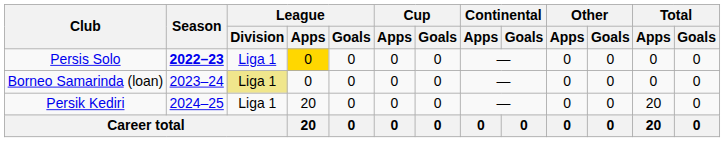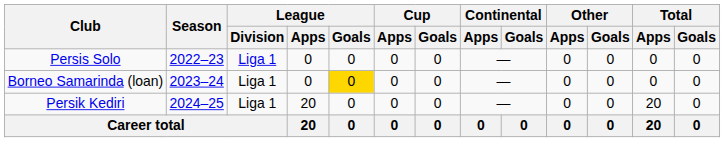 <table class="wikitable" style="text-align: center">
 <tr>
 <th rowspan="2">Club</th>
 <th rowspan="2">Season</th>
 <th colspan="3">League</th>
 <th colspan="2">Cup</th>
 <th colspan="2">Continental</th>
 <th colspan="2">Other</th>
 <th colspan="2">Total</th>
 </tr>
 <tr>
 <th>Division</th>
 <th>Apps</th>
 <th>Goals</th>
 <th>Apps</th>
 <th>Goals</th>
 <th>Apps</th>
 <th>Goals</th>
 <th>Apps</th>
 <th>Goals</th>
 <th>Apps</th>
 <th>Goals</th>
 </tr>
 <tr>
 <td rowspan="1"><a href='#'>Persis Solo</a></td>
-<td><strong><a href='#'>2022–23</a></strong></td>
+<td><a href='#'>2022–23</a></td>
 <td rowspan="1" valign="center"><a href='#'>Liga 1</a></td>
-<td style="background: gold;">0</td>
+<td>0</td>
 <td>0</td>
 <td>0</td>
 <td>0</td>
 <td colspan=2>—</td>
 <td>0</td>
 <td>0</td>
 <td>0</td>
 <td>0</td>
 </tr>
 <tr>
 <td><a href='#'>Borneo Samarinda</a> (loan)</td>
 <td><a href='#'>2023–24</a></td>
-<td valign="center" style="background: khaki;">Liga 1</td>
+<td valign="center">Liga 1</td>
 <td>0</td>
-<td>0</td>
+<td style="background: gold;">0</td>
 <td>0</td>
 <td>0</td>
 <td colspan=2>—</td>
 <td>0</td>
 <td>0</td>
 <td>0</td>
 <td>0</td>
 </tr>
 <tr>
 <td><a href='#'>Persik Kediri</a></td>
 <td><a href='#'>2024–25</a></td>
 <td valign="center">Liga 1</td>
 <td>20</td>
 <td>0</td>
 <td>0</td>
 <td>0</td>
 <td colspan=2>—</td>
 <td>0</td>
 <td>0</td>
 <td>20</td>
 <td>0</td>
 </tr>
 <tr>
 <th colspan=3>Career total</th>
 <th>20</th>
 <th>0</th>
 <th>0</th>
 <th>0</th>
 <th>0</th>
 <th>0</th>
 <th>0</th>
 <th>0</th>
 <th>20</th>
 <th>0</th>
 </tr>
 </table>
